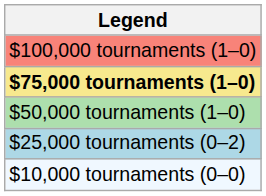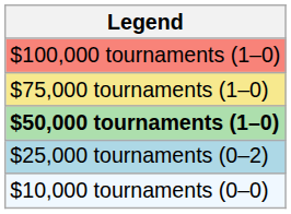 <table class=wikitable style="font-size:85%">
 <tr>
 <th>Legend</th>
 </tr>
 <tr bgcolor=F88379>
 <td>$100,000 tournaments (1–0)</td>
 </tr>
 <tr bgcolor=F7E98E>
-<td><strong>$75,000 tournaments (1–0)</strong></td>
+<td>$75,000 tournaments (1–0)</td>
 </tr>
 <tr bgcolor=ADDFAD>
-<td>$50,000 tournaments (1–0)</td>
+<td><strong>$50,000 tournaments (1–0)</strong></td>
 </tr>
 <tr bgcolor=lightblue>
 <td>$25,000 tournaments (0–2)</td>
 </tr>
 <tr bgcolor=f0f8ff>
 <td>$10,000 tournaments (0–0)</td>
 </tr>
 </table>
